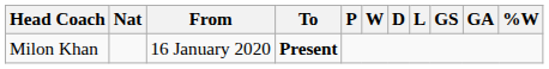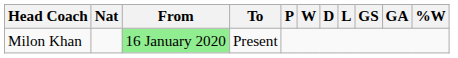 <table class="wikitable sortable" style="tex-align:center">
 <tr>
 <th>Head Coach</th>
 <th>Nat</th>
 <th class="unsortable">From</th>
 <th class="unsortable">To</th>
 <th abbr="1">P</th>
 <th abbr="0">W</th>
 <th abbr="0">D</th>
 <th abbr="1">L</th>
 <th abbr="0">GS</th>
 <th abbr="1">GA</th>
 <th abbr="00">%W</th>
 </tr>
 <tr>
 <td align=left>Milon Khan</td>
 <td align=left></td>
-<td align=left>16 January 2020</td>
-<td align=left><strong>Present<br></strong></td>
+<td align=left style="background: lightgreen;">16 January 2020</td>
+<td align=left>Present<br></td>
 </tr>
 </table>
